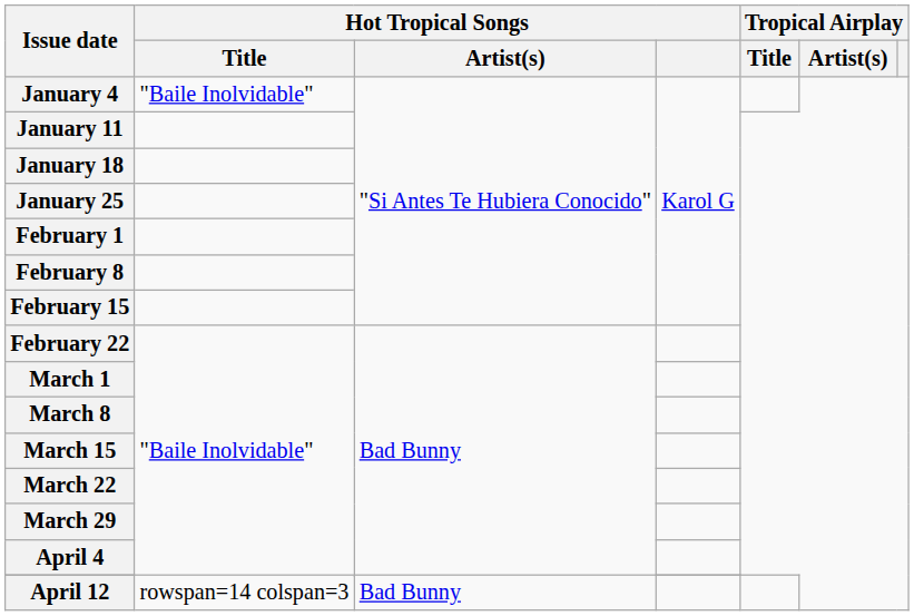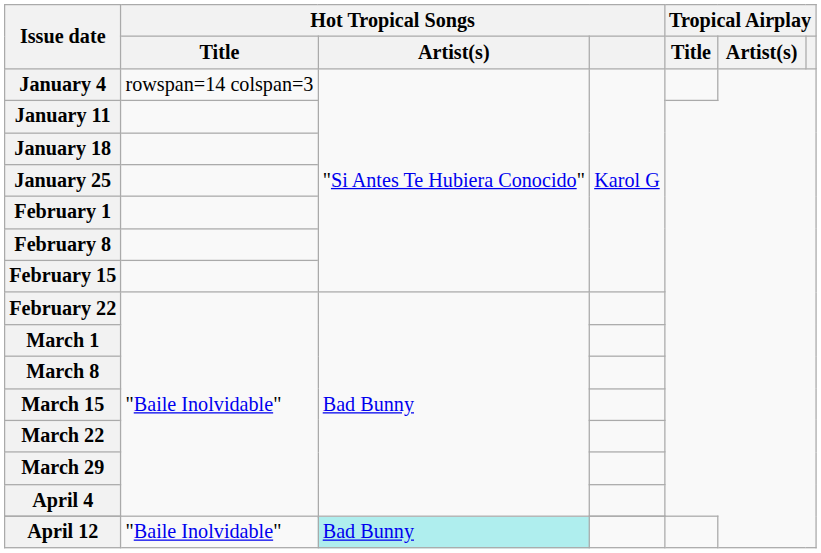 <table class="wikitable sortable plainrowheaders">
 <tr>
 <th scope=col rowspan=2>Issue date</th>
 <th scope=col colspan=3>Hot Tropical Songs</th>
 <th scope=col colspan=3>Tropical Airplay</th>
 </tr>
 <tr>
 <th scope=col>Title</th>
 <th scope=col>Artist(s)</th>
 <th scope=col class=unsortable></th>
 <th scope=col>Title</th>
 <th scope=col>Artist(s)</th>
 <th scope=col class=unsortable></th>
 </tr>
 <tr>
 <th scope="row">January 4</th>
-<td>"<a href='#'>Baile Inolvidable</a>"</td>
+<td>rowspan=14 colspan=3 </td>
 <td rowspan=7>"<a href='#'>Si Antes Te Hubiera Conocido</a>"</td>
 <td rowspan=7><a href='#'>Karol G</a></td>
 <td></td>
 </tr>
 <tr>
 <th scope="row">January 11</th>
 <td></td>
 </tr>
 <tr>
 <th scope="row">January 18</th>
 <td></td>
 </tr>
 <tr>
 <th scope="row">January 25</th>
 <td></td>
 </tr>
 <tr>
 <th scope="row">February 1</th>
 <td></td>
 </tr>
 <tr>
 <th scope="row">February 8</th>
 <td></td>
 </tr>
 <tr>
 <th scope="row">February 15</th>
 <td></td>
 </tr>
 <tr>
 <th scope="row">February 22</th>
 <td rowspan=8>"<a href='#'>Baile Inolvidable</a>"</td>
 <td rowspan=8><a href='#'>Bad Bunny</a></td>
 <td></td>
 </tr>
 <tr>
 <th scope="row">March 1</th>
 <td></td>
 </tr>
 <tr>
 <th scope="row">March 8</th>
 <td></td>
 </tr>
 <tr>
 <th scope="row">March 15</th>
 <td></td>
 </tr>
 <tr>
 <th scope="row">March 22</th>
 <td></td>
 </tr>
 <tr>
 <th scope="row">March 29</th>
 <td></td>
 </tr>
 <tr>
 <th scope="row">April 4</th>
 <td></td>
 </tr>
 <tr>
 </tr>
 <tr>
 <th scope="row">April 12</th>
-<td>rowspan=14 colspan=3 </td>
-<td><a href='#'>Bad Bunny</a></td>
+<td>"<a href='#'>Baile Inolvidable</a>"</td>
+<td style="background: paleturquoise;"><a href='#'>Bad Bunny</a></td>
 <td></td>
 <td></td>
 </tr>
 </table>
